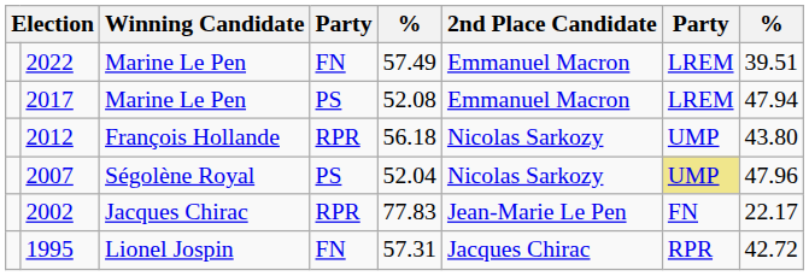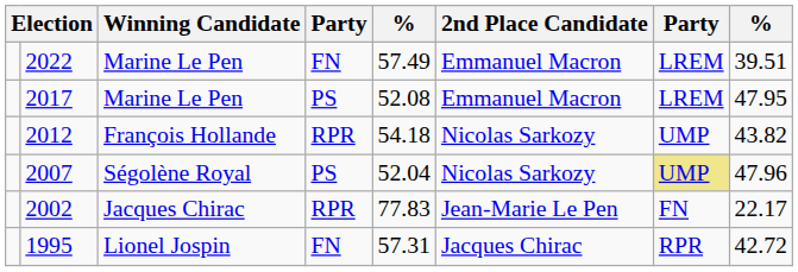 <table class="wikitable">
 <tr>
 <th colspan="2">Election</th>
 <th>Winning Candidate</th>
 <th>Party</th>
 <th>%</th>
 <th>2nd Place Candidate</th>
 <th>Party</th>
 <th>%</th>
 </tr>
 <tr>
 <td style="background-color: "></td>
 <td><a href='#'>2022</a></td>
 <td><a href='#'>Marine Le Pen</a></td>
 <td><a href='#'>FN</a></td>
 <td>57.49</td>
 <td><a href='#'>Emmanuel Macron</a></td>
 <td><a href='#'>LREM</a></td>
 <td>39.51</td>
 </tr>
 <tr>
 <td style="background-color: "></td>
 <td><a href='#'>2017</a></td>
 <td><a href='#'>Marine Le Pen</a></td>
 <td><a href='#'>PS</a></td>
 <td>52.08</td>
 <td><a href='#'>Emmanuel Macron</a></td>
 <td><a href='#'>LREM</a></td>
-<td>47.94</td>
+<td>47.95</td>
 </tr>
 <tr>
 <td style="background-color: "></td>
 <td><a href='#'>2012</a></td>
 <td><a href='#'>François Hollande</a></td>
 <td><a href='#'>RPR</a></td>
-<td>56.18</td>
+<td>54.18</td>
 <td><a href='#'>Nicolas Sarkozy</a></td>
 <td><a href='#'>UMP</a></td>
-<td>43.80</td>
+<td>43.82</td>
 </tr>
 <tr>
 <td style="background-color: "></td>
 <td><a href='#'>2007</a></td>
 <td><a href='#'>Ségolène Royal</a></td>
 <td><a href='#'>PS</a></td>
 <td>52.04</td>
 <td><a href='#'>Nicolas Sarkozy</a></td>
 <td style="background: khaki;"><a href='#'>UMP</a></td>
 <td>47.96</td>
 </tr>
 <tr>
 <td style="background-color: "></td>
 <td><a href='#'>2002</a></td>
 <td><a href='#'>Jacques Chirac</a></td>
 <td><a href='#'>RPR</a></td>
 <td>77.83</td>
 <td><a href='#'>Jean-Marie Le Pen</a></td>
 <td><a href='#'>FN</a></td>
 <td>22.17</td>
 </tr>
 <tr>
 <td style="background-color: "></td>
 <td><a href='#'>1995</a></td>
 <td><a href='#'>Lionel Jospin</a></td>
 <td><a href='#'>FN</a></td>
 <td>57.31</td>
 <td><a href='#'>Jacques Chirac</a></td>
 <td><a href='#'>RPR</a></td>
 <td>42.72</td>
 </tr>
 </table>
